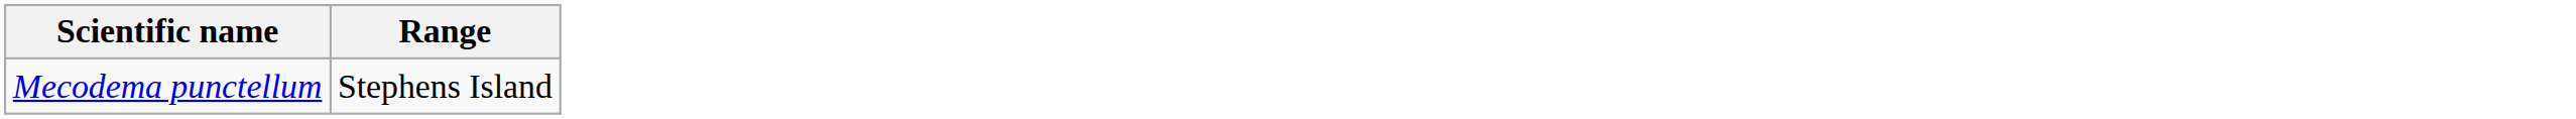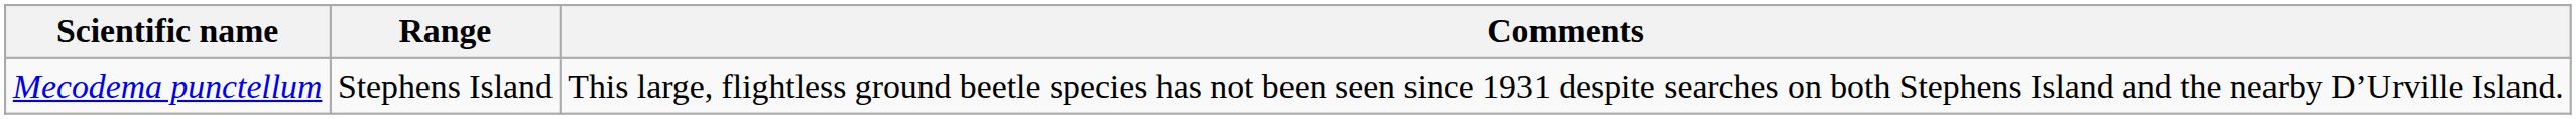 <table class="wikitable">
 <tr>
 <th>Scientific name</th>
 <th>Range</th>
+<th class="unsortable">Comments</th>
 </tr>
 <tr>
 <td><em><a href='#'>Mecodema punctellum</a></em></td>
 <td>Stephens Island</td>
+<td>This large, flightless ground beetle species has not been seen since 1931 despite searches on both Stephens Island and the nearby D’Urville Island.</td>
 </tr>
 </table>
